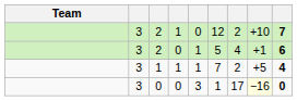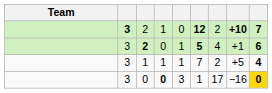 <table class="wikitable" style="text-align: center;">
 <tr>
 <th width=165>Team</th>
 <th width=20></th>
 <th width=20></th>
 <th width=20></th>
 <th width=20></th>
 <th width=20></th>
 <th width=20></th>
 <th width=20></th>
 <th width=20></th>
 </tr>
 <tr bgcolor="#D0F0C0">
 <td style="text-align:left;"></td>
-<td>3</td>
+<td><strong>3</strong></td>
 <td>2</td>
 <td>1</td>
 <td>0</td>
-<td>12</td>
+<td><strong>12</strong></td>
 <td>2</td>
-<td>+10</td>
+<td><strong>+10</strong></td>
 <td><strong>7</strong></td>
 </tr>
 <tr bgcolor="#D0F0C0">
 <td style="text-align:left;"></td>
 <td>3</td>
-<td>2</td>
+<td><strong>2</strong></td>
 <td>0</td>
 <td>1</td>
-<td>5</td>
+<td><strong>5</strong></td>
 <td>4</td>
 <td>+1</td>
 <td><strong>6</strong></td>
 </tr>
 <tr>
 <td style="text-align:left;"></td>
 <td>3</td>
 <td>1</td>
 <td>1</td>
 <td>1</td>
 <td>7</td>
 <td>2</td>
 <td>+5</td>
 <td><strong>4</strong></td>
 </tr>
 <tr>
 <td style="text-align:left;"></td>
 <td>3</td>
 <td>0</td>
-<td>0</td>
+<td><strong>0</strong></td>
 <td>3</td>
 <td>1</td>
 <td>17</td>
-<td style="background: lightyellow;">−16</td>
-<td><strong>0</strong></td>
+<td>−16</td>
+<td style="background: gold;"><strong>0</strong></td>
 </tr>
 </table>
